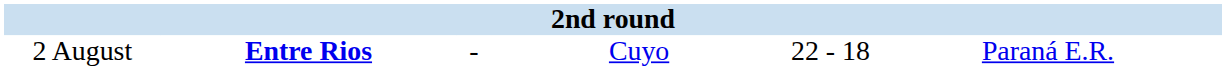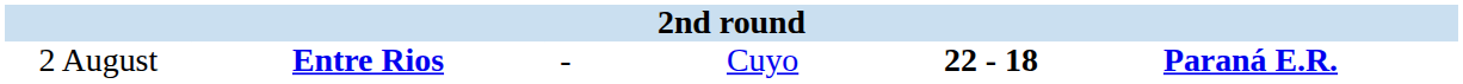 <table border=0 cellspacing=0 cellpadding=0 style="border-collapse: collapse;" width=700>
 <tr bgcolor="#CADFF0">
 <td style="font-size:100%"; align="center" colspan="6"><strong>2nd round</strong></td>
 </tr>
 <tr align=center bgcolor=#FFFFFF>
 <td width=90>2 August</td>
 <td width=170><strong><a href='#'>Entre Rios</a></strong></td>
 <td width=20>-</td>
 <td width=170><a href='#'>Cuyo</a></td>
-<td width=50>22 - 18</td>
-<td width=200><a href='#'>Paraná E.R.</a></td>
+<td width=50><strong>22 - 18</strong></td>
+<td width=200><strong><a href='#'>Paraná E.R.</a></strong></td>
 </tr>
 </table>
